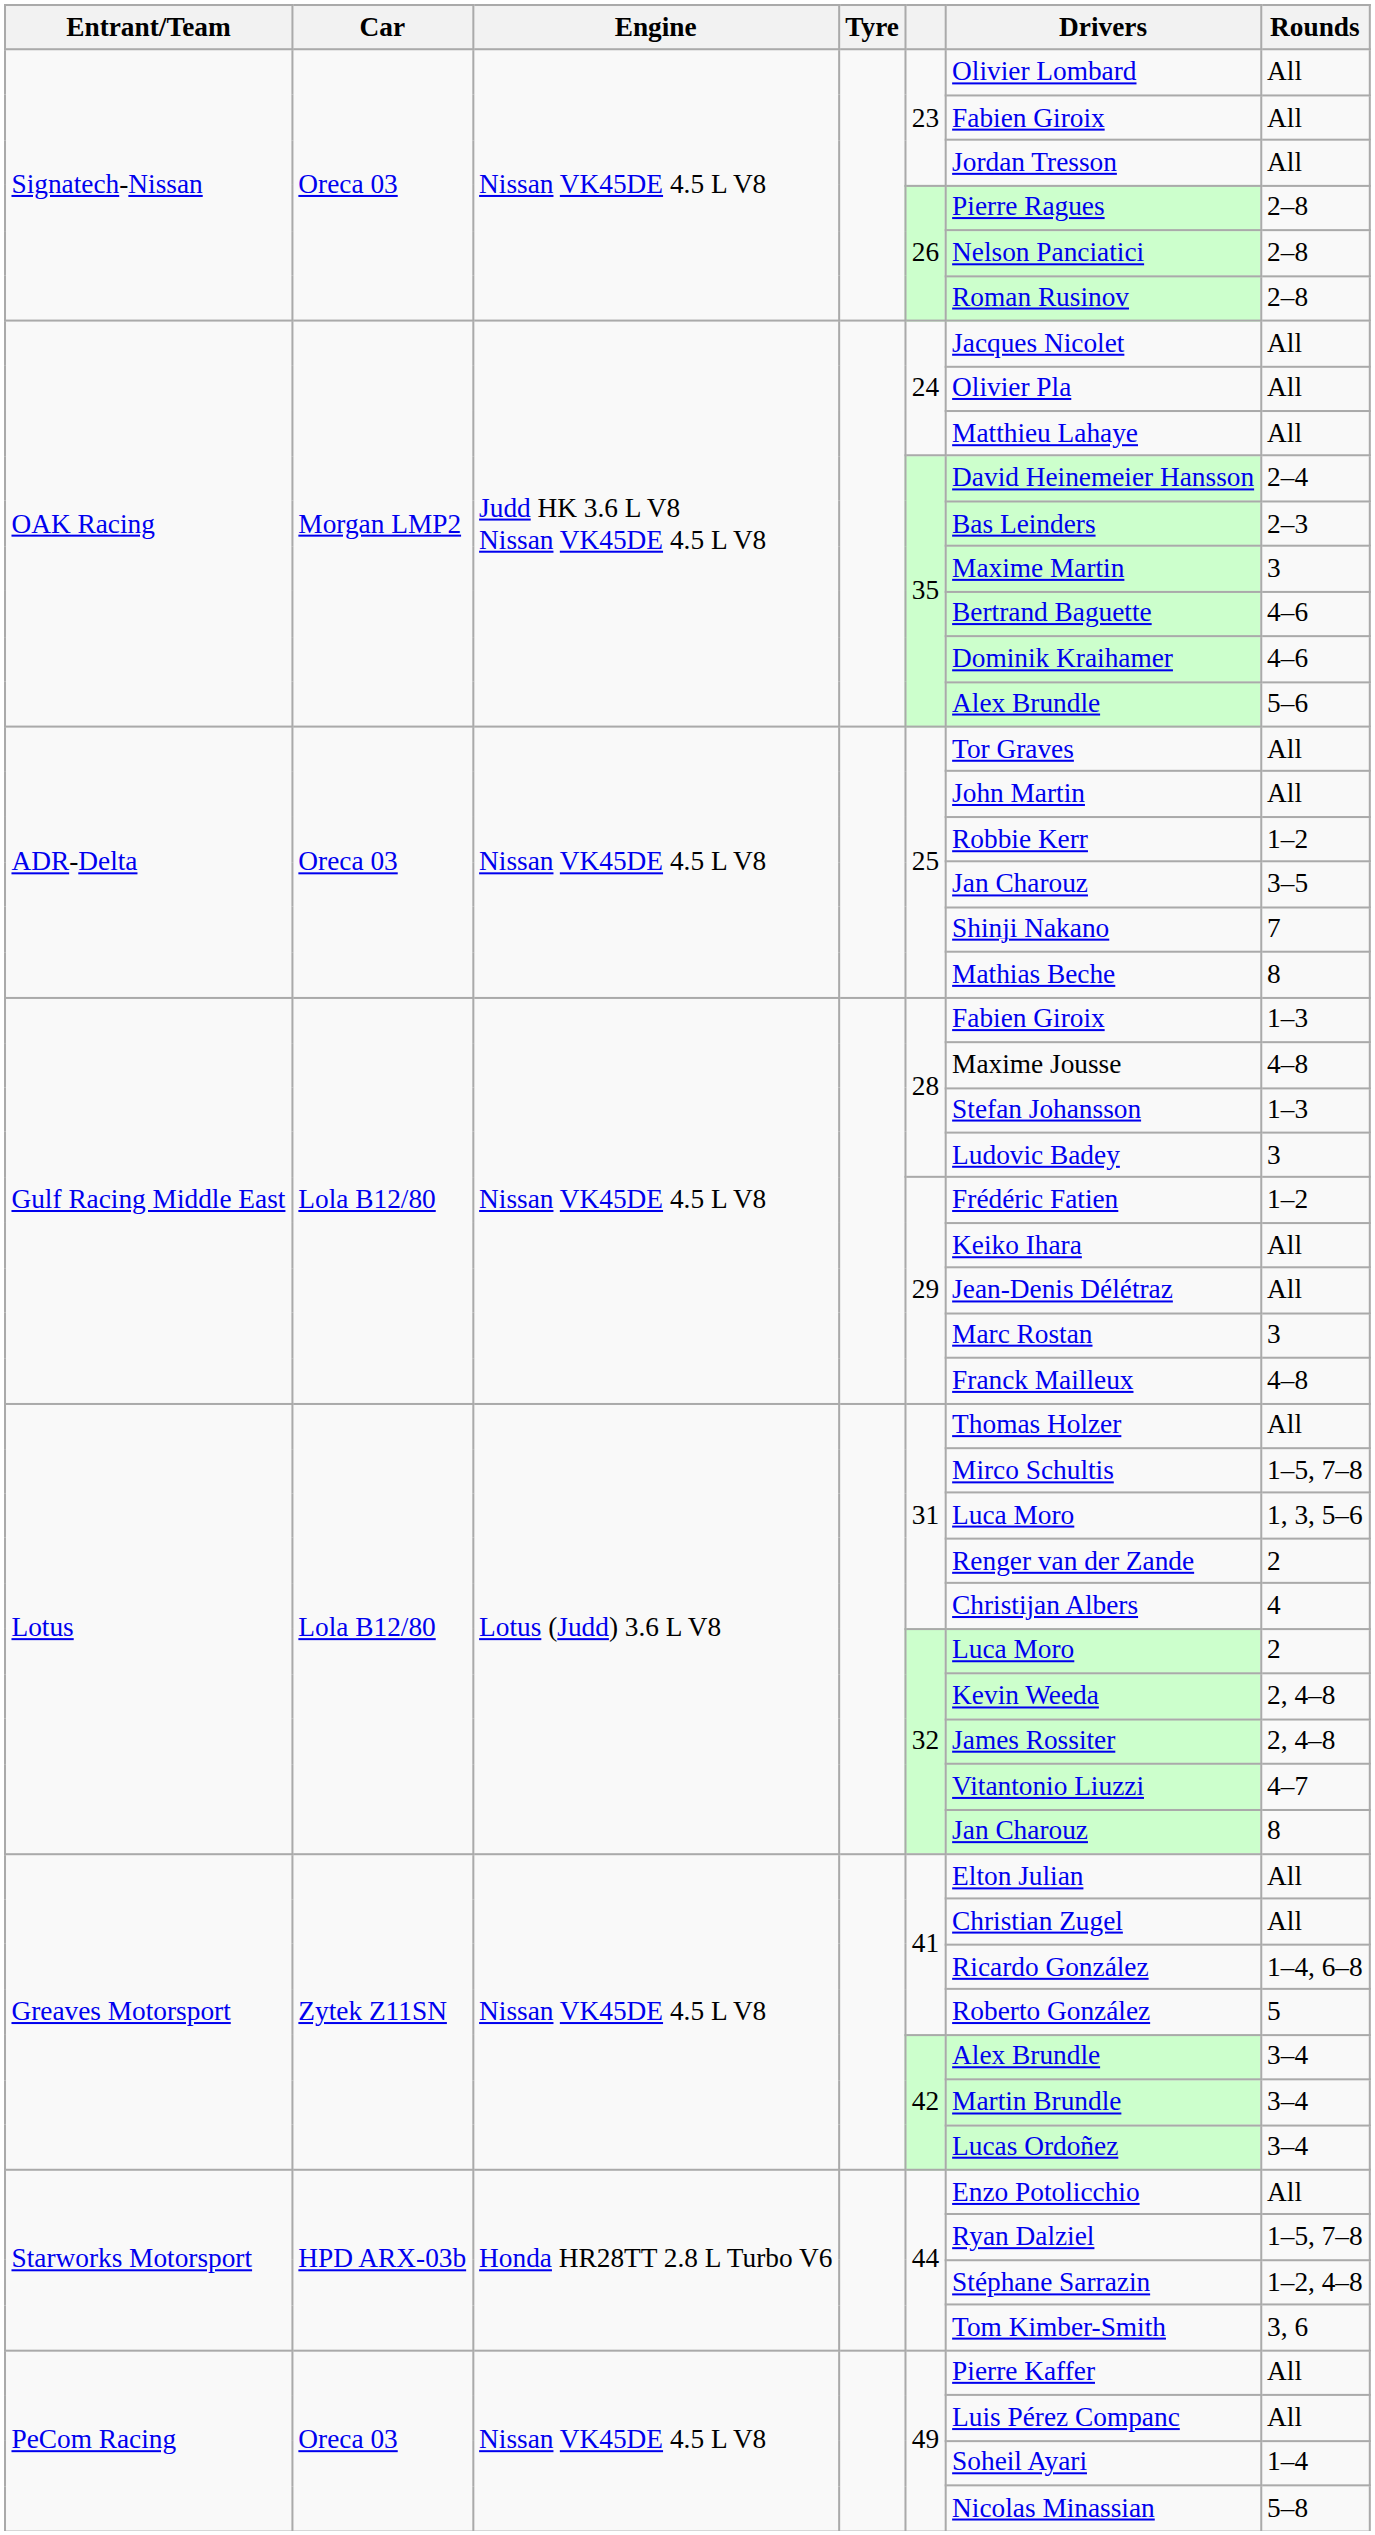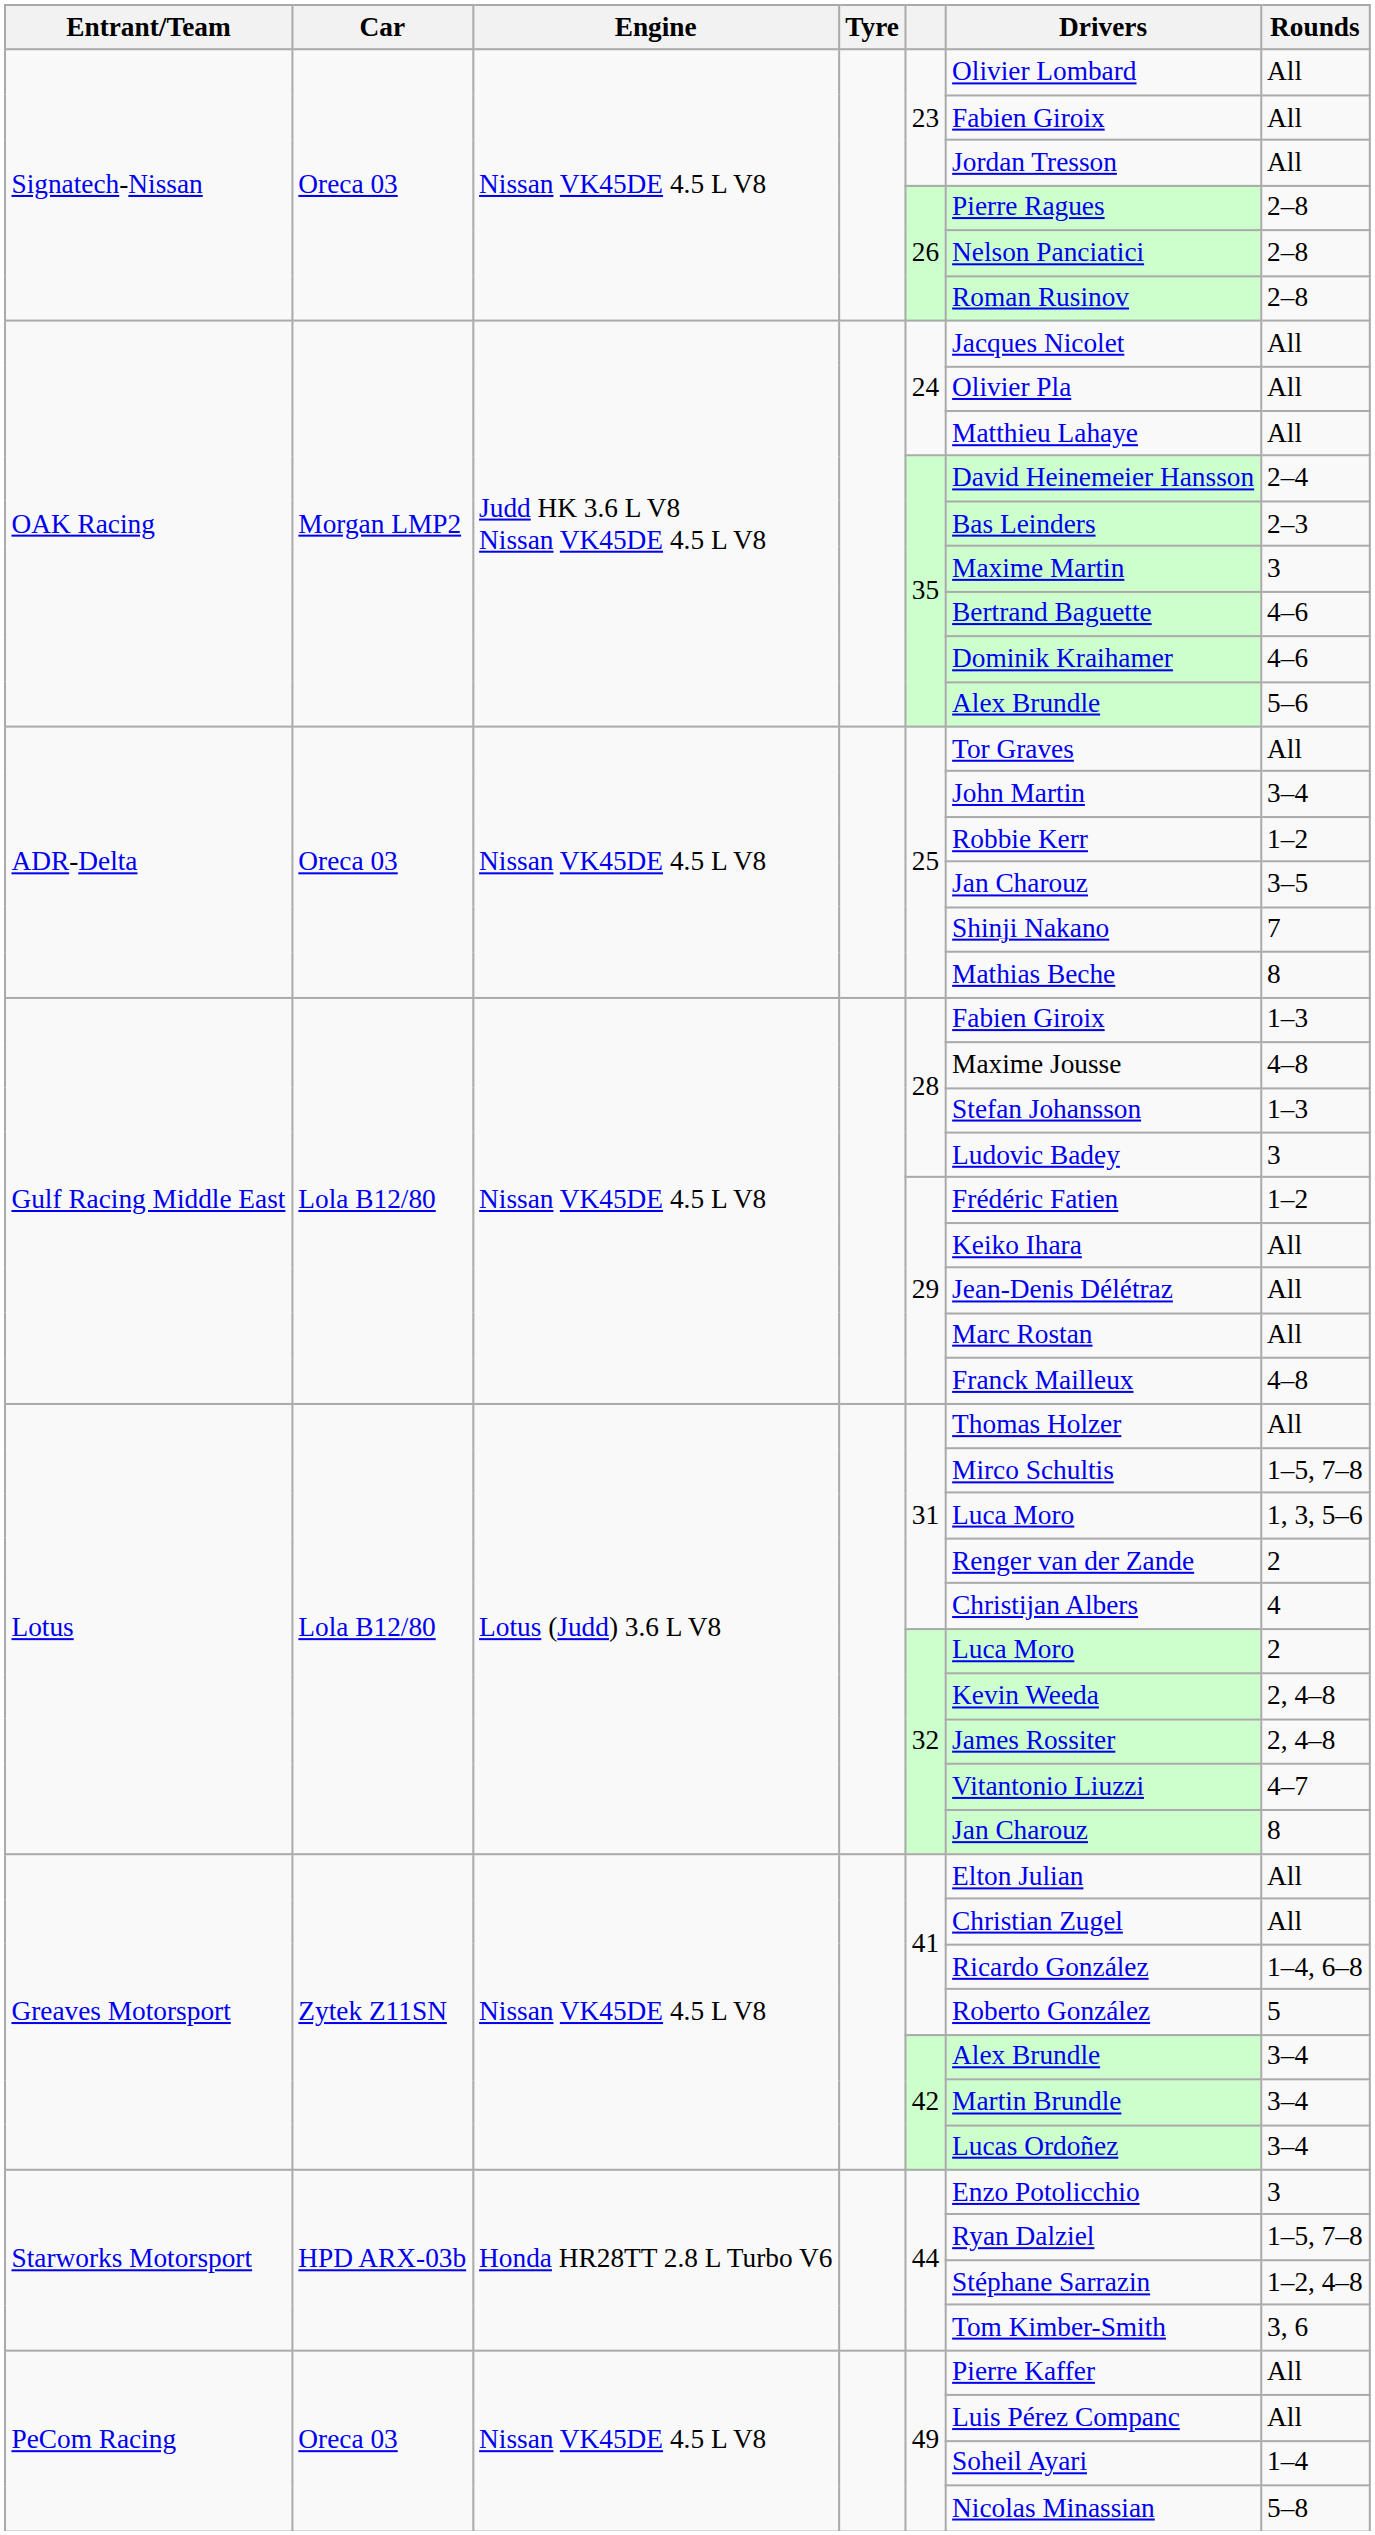 <table class="wikitable" style="font-size: 85%">
 <tr>
 <th>Entrant/Team</th>
 <th>Car</th>
 <th>Engine</th>
 <th>Tyre</th>
 <th></th>
 <th>Drivers</th>
 <th>Rounds</th>
 </tr>
 <tr>
 <td rowspan=6> <a href='#'>Signatech</a>-<a href='#'>Nissan</a></td>
 <td rowspan=6><a href='#'>Oreca 03</a></td>
 <td rowspan=6><a href='#'>Nissan</a> <a href='#'>VK45DE</a> 4.5 L V8</td>
 <td rowspan=6></td>
 <td rowspan=3>23</td>
 <td> <a href='#'>Olivier Lombard</a></td>
 <td>All</td>
 </tr>
 <tr>
 <td> <a href='#'>Fabien Giroix</a></td>
 <td>All</td>
 </tr>
 <tr>
 <td> <a href='#'>Jordan Tresson</a></td>
 <td>All</td>
 </tr>
 <tr>
 <td rowspan=3 style="background:#ccffcc;">26</td>
 <td style="background:#ccffcc;"> <a href='#'>Pierre Ragues</a></td>
 <td>2–8</td>
 </tr>
 <tr>
 <td style="background:#ccffcc;"> <a href='#'>Nelson Panciatici</a></td>
 <td>2–8</td>
 </tr>
 <tr>
 <td style="background:#ccffcc;"> <a href='#'>Roman Rusinov</a></td>
 <td>2–8</td>
 </tr>
 <tr>
 <td rowspan=9> <a href='#'>OAK Racing</a></td>
 <td rowspan=9><a href='#'>Morgan LMP2</a></td>
 <td rowspan=9><a href='#'>Judd</a> HK 3.6 L V8<br><a href='#'>Nissan</a> <a href='#'>VK45DE</a> 4.5 L V8</td>
 <td rowspan=9></td>
 <td rowspan=3>24</td>
 <td> <a href='#'>Jacques Nicolet</a></td>
 <td>All</td>
 </tr>
 <tr>
 <td> <a href='#'>Olivier Pla</a></td>
 <td>All</td>
 </tr>
 <tr>
 <td> <a href='#'>Matthieu Lahaye</a></td>
 <td>All</td>
 </tr>
 <tr>
 <td rowspan=6 style="background:#ccffcc;">35</td>
 <td style="background:#ccffcc;"> <a href='#'>David Heinemeier Hansson</a></td>
 <td>2–4</td>
 </tr>
 <tr>
 <td style="background:#ccffcc;"> <a href='#'>Bas Leinders</a></td>
 <td>2–3</td>
 </tr>
 <tr>
 <td style="background:#ccffcc;"> <a href='#'>Maxime Martin</a></td>
 <td>3</td>
 </tr>
 <tr>
 <td style="background:#ccffcc;"> <a href='#'>Bertrand Baguette</a></td>
 <td>4–6</td>
 </tr>
 <tr>
 <td style="background:#ccffcc;"> <a href='#'>Dominik Kraihamer</a></td>
 <td>4–6</td>
 </tr>
 <tr>
 <td style="background:#ccffcc;"> <a href='#'>Alex Brundle</a></td>
 <td>5–6</td>
 </tr>
 <tr>
 <td rowspan=6> <a href='#'>ADR</a>-<a href='#'>Delta</a></td>
 <td rowspan=6><a href='#'>Oreca 03</a></td>
 <td rowspan=6><a href='#'>Nissan</a> <a href='#'>VK45DE</a> 4.5 L V8</td>
 <td rowspan=6></td>
 <td rowspan=6>25</td>
 <td> <a href='#'>Tor Graves</a></td>
 <td>All</td>
 </tr>
 <tr>
 <td> <a href='#'>John Martin</a></td>
-<td>All</td>
+<td>3–4</td>
 </tr>
 <tr>
 <td> <a href='#'>Robbie Kerr</a></td>
 <td>1–2</td>
 </tr>
 <tr>
 <td> <a href='#'>Jan Charouz</a></td>
 <td>3–5</td>
 </tr>
 <tr>
 <td> <a href='#'>Shinji Nakano</a></td>
 <td>7</td>
 </tr>
 <tr>
 <td> <a href='#'>Mathias Beche</a></td>
 <td>8</td>
 </tr>
 <tr>
 <td rowspan=9> <a href='#'>Gulf Racing Middle East</a></td>
 <td rowspan=9><a href='#'>Lola B12/80</a></td>
 <td rowspan=9><a href='#'>Nissan</a> <a href='#'>VK45DE</a> 4.5 L V8</td>
 <td rowspan=9></td>
 <td rowspan=4>28</td>
 <td> <a href='#'>Fabien Giroix</a></td>
 <td>1–3</td>
 </tr>
 <tr>
 <td> Maxime Jousse</td>
 <td>4–8</td>
 </tr>
 <tr>
 <td> <a href='#'>Stefan Johansson</a></td>
 <td>1–3</td>
 </tr>
 <tr>
 <td> <a href='#'>Ludovic Badey</a></td>
 <td>3</td>
 </tr>
 <tr>
 <td rowspan=5>29</td>
 <td> <a href='#'>Frédéric Fatien</a></td>
 <td>1–2</td>
 </tr>
 <tr>
 <td> <a href='#'>Keiko Ihara</a></td>
 <td>All</td>
 </tr>
 <tr>
 <td> <a href='#'>Jean-Denis Délétraz</a></td>
 <td>All</td>
 </tr>
 <tr>
 <td> <a href='#'>Marc Rostan</a></td>
-<td>3</td>
+<td>All</td>
 </tr>
 <tr>
 <td> <a href='#'>Franck Mailleux</a></td>
 <td>4–8</td>
 </tr>
 <tr>
 <td rowspan=10> <a href='#'>Lotus</a></td>
 <td rowspan=10><a href='#'>Lola B12/80</a></td>
 <td rowspan=10><a href='#'>Lotus</a> (<a href='#'>Judd</a>) 3.6 L V8</td>
 <td rowspan=10></td>
 <td rowspan=5>31</td>
 <td> <a href='#'>Thomas Holzer</a></td>
 <td>All</td>
 </tr>
 <tr>
 <td> <a href='#'>Mirco Schultis</a></td>
 <td>1–5, 7–8</td>
 </tr>
 <tr>
 <td> <a href='#'>Luca Moro</a></td>
 <td>1, 3, 5–6</td>
 </tr>
 <tr>
 <td> <a href='#'>Renger van der Zande</a></td>
 <td>2</td>
 </tr>
 <tr>
 <td> <a href='#'>Christijan Albers</a></td>
 <td>4</td>
 </tr>
 <tr>
 <td rowspan=5 style="background:#ccffcc;">32</td>
 <td style="background:#ccffcc;"> <a href='#'>Luca Moro</a></td>
 <td>2</td>
 </tr>
 <tr>
 <td style="background:#ccffcc;"> <a href='#'>Kevin Weeda</a></td>
 <td>2, 4–8</td>
 </tr>
 <tr>
 <td style="background:#ccffcc;"> <a href='#'>James Rossiter</a></td>
 <td>2, 4–8</td>
 </tr>
 <tr>
 <td style="background:#ccffcc;"> <a href='#'>Vitantonio Liuzzi</a></td>
 <td>4–7</td>
 </tr>
 <tr>
 <td style="background:#ccffcc;"> <a href='#'>Jan Charouz</a></td>
 <td>8</td>
 </tr>
 <tr>
 <td rowspan=7> <a href='#'>Greaves Motorsport</a></td>
 <td rowspan=7><a href='#'>Zytek Z11SN</a></td>
 <td rowspan=7><a href='#'>Nissan</a> <a href='#'>VK45DE</a> 4.5 L V8</td>
 <td rowspan=7></td>
 <td rowspan=4>41</td>
 <td> <a href='#'>Elton Julian</a></td>
 <td>All</td>
 </tr>
 <tr>
 <td> <a href='#'>Christian Zugel</a></td>
 <td>All</td>
 </tr>
 <tr>
 <td> <a href='#'>Ricardo González</a></td>
 <td>1–4, 6–8</td>
 </tr>
 <tr>
 <td> <a href='#'>Roberto González</a></td>
 <td>5</td>
 </tr>
 <tr>
 <td rowspan=3 style="background:#ccffcc;">42</td>
 <td style="background:#ccffcc;"> <a href='#'>Alex Brundle</a></td>
 <td>3–4</td>
 </tr>
 <tr>
 <td style="background:#ccffcc;"> <a href='#'>Martin Brundle</a></td>
 <td>3–4</td>
 </tr>
 <tr>
 <td style="background:#ccffcc;"> <a href='#'>Lucas Ordoñez</a></td>
 <td>3–4</td>
 </tr>
 <tr>
 <td rowspan=4> <a href='#'>Starworks Motorsport</a></td>
 <td rowspan=4><a href='#'>HPD ARX-03b</a></td>
 <td rowspan=4><a href='#'>Honda</a> HR28TT 2.8 L Turbo V6</td>
 <td rowspan=4></td>
 <td rowspan=4>44</td>
 <td> <a href='#'>Enzo Potolicchio</a></td>
-<td>All</td>
+<td>3</td>
 </tr>
 <tr>
 <td> <a href='#'>Ryan Dalziel</a></td>
 <td>1–5, 7–8</td>
 </tr>
 <tr>
 <td> <a href='#'>Stéphane Sarrazin</a></td>
 <td>1–2, 4–8</td>
 </tr>
 <tr>
 <td> <a href='#'>Tom Kimber-Smith</a></td>
 <td>3, 6</td>
 </tr>
 <tr>
 <td rowspan=4> <a href='#'>PeCom Racing</a></td>
 <td rowspan=4><a href='#'>Oreca 03</a></td>
 <td rowspan=4><a href='#'>Nissan</a> <a href='#'>VK45DE</a> 4.5 L V8</td>
 <td rowspan=4></td>
 <td rowspan=4>49</td>
 <td> <a href='#'>Pierre Kaffer</a></td>
 <td>All</td>
 </tr>
 <tr>
 <td> <a href='#'>Luis Pérez Companc</a></td>
 <td>All</td>
 </tr>
 <tr>
 <td> <a href='#'>Soheil Ayari</a></td>
 <td>1–4</td>
 </tr>
 <tr>
 <td> <a href='#'>Nicolas Minassian</a></td>
 <td>5–8</td>
 </tr>
 </table>
